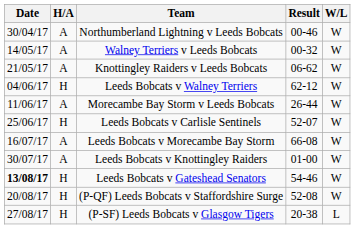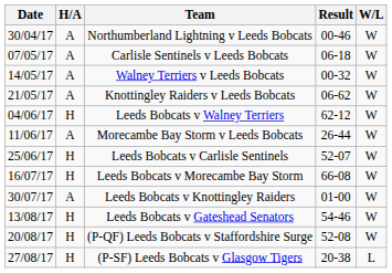 <table class="wikitable" style="text-align: center;">
 <tr>
 <th>Date</th>
 <th>H/A</th>
 <th>Team</th>
 <th>Result</th>
 <th>W/L</th>
 </tr>
 <tr>
 <td>30/04/17</td>
 <td>A</td>
 <td>Northumberland Lightning v Leeds Bobcats</td>
 <td>00-46</td>
+<td>W</td>
+</tr>
+<tr>
+<td>07/05/17</td>
+<td>A</td>
+<td>Carlisle Sentinels v Leeds Bobcats</td>
+<td>06-18</td>
 <td>W</td>
 </tr>
 <tr>
 <td>14/05/17</td>
 <td>A</td>
 <td><a href='#'>Walney Terriers</a> v Leeds Bobcats</td>
 <td>00-32</td>
 <td>W</td>
 </tr>
 <tr>
 <td>21/05/17</td>
 <td>A</td>
 <td>Knottingley Raiders v Leeds Bobcats</td>
 <td>06-62</td>
 <td>W</td>
 </tr>
 <tr>
 <td>04/06/17</td>
 <td>H</td>
 <td>Leeds Bobcats v <a href='#'>Walney Terriers</a></td>
 <td>62-12</td>
 <td>W</td>
 </tr>
 <tr>
 <td>11/06/17</td>
 <td>A</td>
 <td>Morecambe Bay Storm v Leeds Bobcats</td>
 <td>26-44</td>
 <td>W</td>
 </tr>
 <tr>
 <td>25/06/17</td>
 <td>H</td>
 <td>Leeds Bobcats v Carlisle Sentinels</td>
 <td>52-07</td>
 <td>W</td>
 </tr>
 <tr>
 <td>16/07/17</td>
-<td>A</td>
+<td>H</td>
 <td>Leeds Bobcats v Morecambe Bay Storm</td>
 <td>66-08</td>
 <td>W</td>
 </tr>
 <tr>
 <td>30/07/17</td>
 <td>A</td>
 <td>Leeds Bobcats v Knottingley Raiders</td>
 <td>01-00</td>
 <td>W</td>
 </tr>
 <tr>
-<td><strong>13/08/17</strong></td>
+<td>13/08/17</td>
 <td>H</td>
 <td>Leeds Bobcats v <a href='#'>Gateshead Senators</a></td>
 <td>54-46</td>
 <td>W</td>
 </tr>
 <tr>
 <td>20/08/17</td>
 <td>H</td>
 <td>(P-QF) Leeds Bobcats v Staffordshire Surge</td>
 <td>52-08</td>
 <td>W</td>
 </tr>
 <tr>
 <td>27/08/17</td>
 <td>H</td>
 <td>(P-SF) Leeds Bobcats v <a href='#'>Glasgow Tigers</a></td>
 <td>20-38</td>
 <td>L</td>
 </tr>
 </table>
